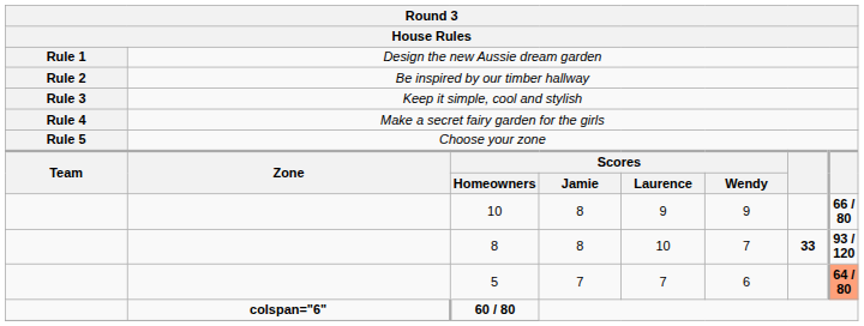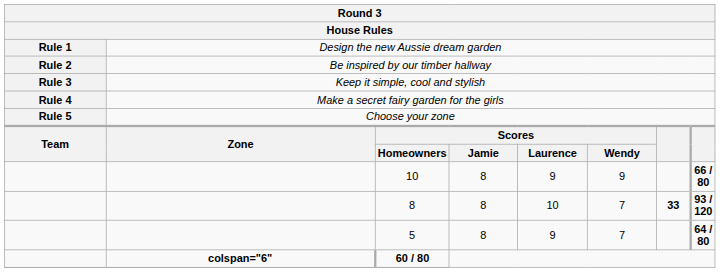 <table class="wikitable plainrowheaders" style="text-align:center; font-size:90%; width:65em;">
 <tr>
 <th colspan="8" >Round 3</th>
 </tr>
 <tr>
 <th colspan=8 style="width:15%;">House Rules</th>
 </tr>
 <tr>
 <th>Rule 1</th>
 <td colspan="8"><em>Design the new Aussie dream garden</em></td>
 </tr>
 <tr>
 <th>Rule 2</th>
 <td colspan="8"><em>Be inspired by our timber hallway</em></td>
 </tr>
 <tr>
 <th>Rule 3</th>
 <td colspan="8"><em>Keep it simple, cool and stylish</em></td>
 </tr>
 <tr>
 <th>Rule 4</th>
 <td colspan="8"><em>Make a secret fairy garden for the girls</em></td>
 </tr>
 <tr>
 <th>Rule 5</th>
 <td colspan="8"><em>Choose your zone</em></td>
 </tr>
 <tr style="border-top:3px solid #aaa;">
 <th rowspan="2">Team</th>
 <th rowspan="2" style="width:40%;">Zone</th>
 <th colspan="4" style="width:30%;">Scores</th>
 <th rowspan="2" style="width:15%;"></th>
 <th rowspan="2" style="width:15%; border-left:3px solid #aaa;"></th>
 </tr>
 <tr>
 <th style="width:10%;">Homeowners</th>
 <th style="width:10%;">Jamie</th>
 <th style="width:10%;">Laurence</th>
 <th style="width:10%;">Wendy</th>
 </tr>
 <tr>
 <td style="width:15%;"></td>
 <td></td>
 <td>10</td>
 <td>8</td>
 <td>9</td>
 <td>9</td>
 <td></td>
 <td style="border-left:3px solid #aaa;"><strong> 66 / 80</strong></td>
 </tr>
 <tr>
 <td style="width:15%;"></td>
 <td></td>
 <td>8</td>
 <td>8</td>
 <td>10</td>
 <td>7</td>
 <td><strong>33</strong></td>
 <td style="border-left:3px solid #aaa;"><strong> 93 / 120</strong></td>
 </tr>
 <tr>
 <td style="width:15%;"></td>
 <td></td>
 <td>5</td>
+<td>8</td>
+<td>9</td>
 <td>7</td>
-<td>7</td>
-<td>6</td>
 <td></td>
-<td style="background: lightsalmon; border-left:3px solid #aaa;"><strong> 64 / 80</strong></td>
+<td style="border-left:3px solid #aaa;"><strong> 64 / 80</strong></td>
 </tr>
 <tr>
 <td style="width:15%;"></td>
 <td><strong>colspan="6" </strong></td>
 <td style="border-left:3px solid #aaa;"><strong>60 / 80</strong></td>
 </tr>
 <tr>
 </tr>
 </table>
